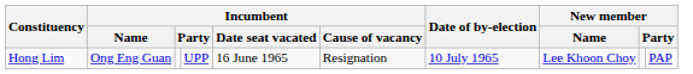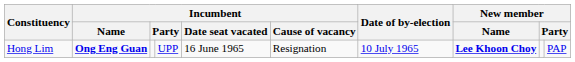 <table class="wikitable" border="1">
 <tr>
 <th rowspan="2">Constituency</th>
 <th colspan="5">Incumbent</th>
 <th rowspan="2">Date of by-election</th>
 <th colspan="3">New member</th>
 </tr>
 <tr>
 <th>Name</th>
 <th colspan="2">Party</th>
 <th>Date seat vacated</th>
 <th>Cause of vacancy</th>
 <th>Name</th>
 <th colspan="2">Party</th>
 </tr>
 <tr>
 <td><a href='#'>Hong Lim</a></td>
-<td><a href='#'>Ong Eng Guan</a></td>
+<td><strong><a href='#'>Ong Eng Guan</a></strong></td>
 <td></td>
 <td><a href='#'>UPP</a></td>
 <td>16 June 1965</td>
 <td>Resignation</td>
 <td><a href='#'>10 July 1965</a></td>
-<td><a href='#'>Lee Khoon Choy</a></td>
+<td><strong><a href='#'>Lee Khoon Choy</a></strong></td>
 <td></td>
 <td><a href='#'>PAP</a></td>
 </tr>
 </table>
